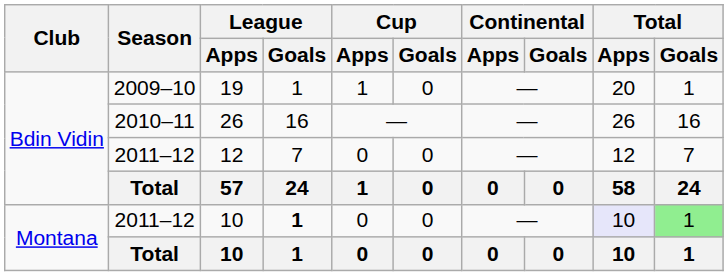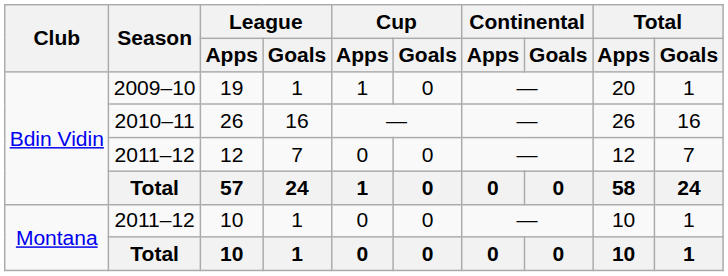 <table class="wikitable" style="font-size:90%; text-align: center">
 <tr>
 <th rowspan=2>Club</th>
 <th rowspan=2>Season</th>
 <th colspan=2>League</th>
 <th colspan=2>Cup</th>
 <th colspan=2>Continental</th>
 <th colspan=2>Total</th>
 </tr>
 <tr>
 <th>Apps</th>
 <th>Goals</th>
 <th>Apps</th>
 <th>Goals</th>
 <th>Apps</th>
 <th>Goals</th>
 <th>Apps</th>
 <th>Goals</th>
 </tr>
 <tr>
 <td rowspan=4><a href='#'>Bdin Vidin</a></td>
 <td>2009–10</td>
 <td>19</td>
 <td>1</td>
 <td>1</td>
 <td>0</td>
 <td colspan="2">—</td>
 <td>20</td>
 <td>1</td>
 </tr>
 <tr>
 <td>2010–11</td>
 <td>26</td>
 <td>16</td>
 <td colspan="2">—</td>
 <td colspan="2">—</td>
 <td>26</td>
 <td>16</td>
 </tr>
 <tr>
 <td>2011–12</td>
 <td>12</td>
 <td>7</td>
 <td>0</td>
 <td>0</td>
 <td colspan="2">—</td>
 <td>12</td>
 <td>7</td>
 </tr>
 <tr>
 <th colspan=1>Total</th>
 <th>57</th>
 <th>24</th>
 <th>1</th>
 <th>0</th>
 <th>0</th>
 <th>0</th>
 <th>58</th>
 <th>24</th>
 </tr>
 <tr>
 <td rowspan=2><a href='#'>Montana</a></td>
 <td>2011–12</td>
 <td>10</td>
-<td><strong>1</strong></td>
+<td>1</td>
 <td>0</td>
 <td>0</td>
 <td colspan="2">—</td>
-<td style="background: lavender;">10</td>
-<td style="background: lightgreen;">1</td>
+<td>10</td>
+<td>1</td>
 </tr>
 <tr>
 <th colspan=1>Total</th>
 <th>10</th>
 <th>1</th>
 <th>0</th>
 <th>0</th>
 <th>0</th>
 <th>0</th>
 <th>10</th>
 <th>1</th>
 </tr>
 </table>
